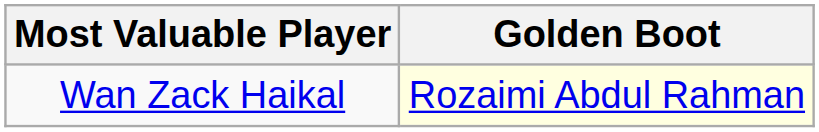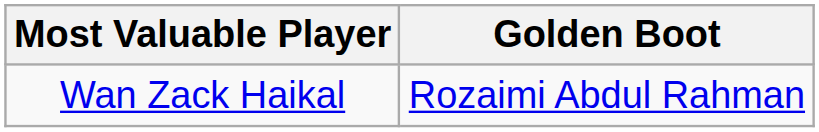 <table class="wikitable" style="text-align:center; margin:auto;">
 <tr>
 <th>Most Valuable Player</th>
 <th>Golden Boot</th>
 </tr>
 <tr>
 <td> <a href='#'>Wan Zack Haikal</a></td>
-<td style="background: lightyellow;"> <a href='#'>Rozaimi Abdul Rahman</a></td>
+<td> <a href='#'>Rozaimi Abdul Rahman</a></td>
 </tr>
 </table>
